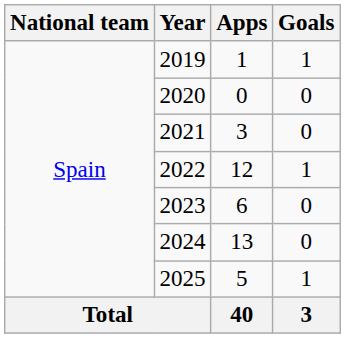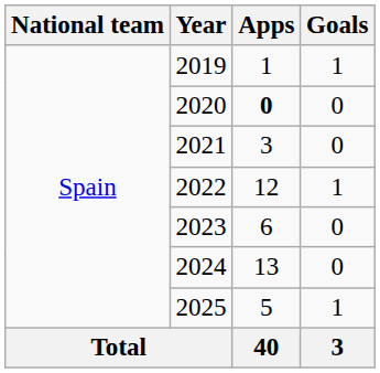 <table class="wikitable" style="text-align:center">
 <tr>
 <th>National team</th>
 <th>Year</th>
 <th>Apps</th>
 <th>Goals</th>
 </tr>
 <tr>
 <td rowspan="7"><a href='#'>Spain</a></td>
 <td>2019</td>
 <td>1</td>
 <td>1</td>
 </tr>
 <tr>
 <td>2020</td>
-<td>0</td>
+<td><strong>0</strong></td>
 <td>0</td>
 </tr>
 <tr>
 <td>2021</td>
 <td>3</td>
 <td>0</td>
 </tr>
 <tr>
 <td>2022</td>
 <td>12</td>
 <td>1</td>
 </tr>
 <tr>
 <td>2023</td>
 <td>6</td>
 <td>0</td>
 </tr>
 <tr>
 <td>2024</td>
 <td>13</td>
 <td>0</td>
 </tr>
 <tr>
 <td>2025</td>
 <td>5</td>
 <td>1</td>
 </tr>
 <tr>
 <th colspan="2">Total</th>
 <th>40</th>
 <th>3</th>
 </tr>
 </table>
